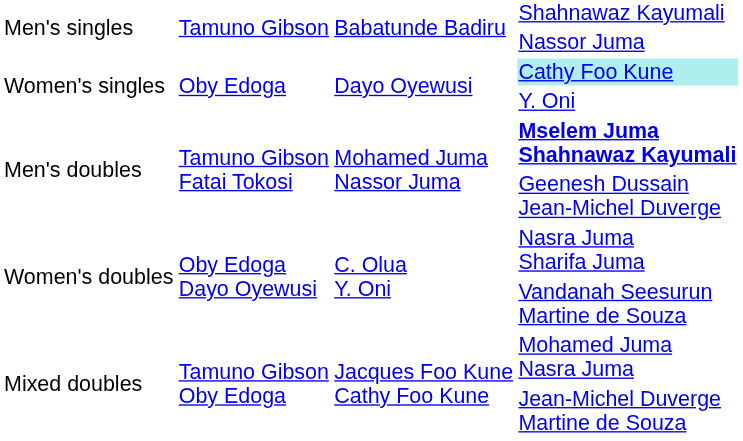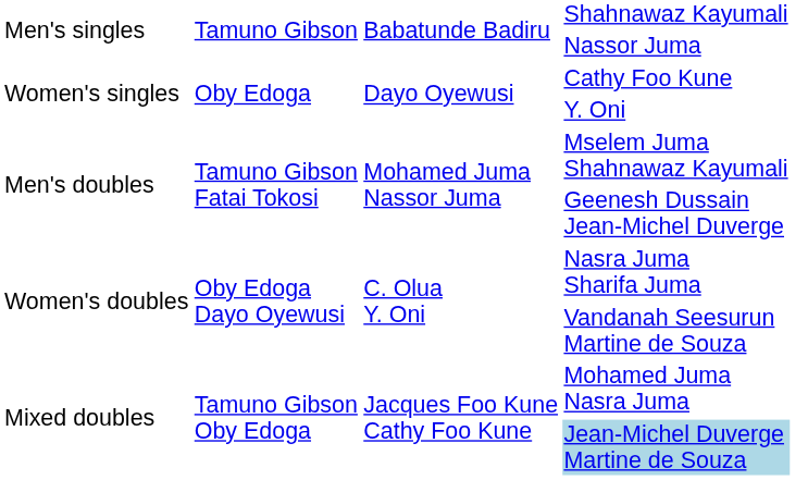 <table>
 <tr>
 <td rowspan=2>Men's singles</td>
 <td rowspan=2> <a href='#'>Tamuno Gibson</a></td>
 <td rowspan=2> <a href='#'>Babatunde Badiru</a></td>
 <td> <a href='#'>Shahnawaz Kayumali</a></td>
 </tr>
 <tr>
 <td> <a href='#'>Nassor Juma</a></td>
 </tr>
 <tr>
 <td rowspan=2>Women's singles</td>
 <td rowspan=2> <a href='#'>Oby Edoga</a></td>
 <td rowspan=2> <a href='#'>Dayo Oyewusi</a></td>
-<td style="background: paleturquoise;"> <a href='#'>Cathy Foo Kune</a></td>
+<td> <a href='#'>Cathy Foo Kune</a></td>
 </tr>
 <tr>
 <td> <a href='#'>Y. Oni</a></td>
 </tr>
 <tr>
 <td rowspan=2>Men's doubles</td>
 <td rowspan=2> <a href='#'>Tamuno Gibson</a><br> <a href='#'>Fatai Tokosi</a></td>
 <td rowspan=2> <a href='#'>Mohamed Juma</a><br> <a href='#'>Nassor Juma</a></td>
-<td><strong> <a href='#'>Mselem Juma</a><br> <a href='#'>Shahnawaz Kayumali</a></strong></td>
+<td> <a href='#'>Mselem Juma</a><br> <a href='#'>Shahnawaz Kayumali</a></td>
 </tr>
 <tr>
 <td> <a href='#'>Geenesh Dussain</a><br> <a href='#'>Jean-Michel Duverge</a></td>
 </tr>
 <tr>
 <td rowspan=2>Women's doubles</td>
 <td rowspan=2> <a href='#'>Oby Edoga</a><br> <a href='#'>Dayo Oyewusi</a></td>
 <td rowspan=2> <a href='#'>C. Olua</a><br> <a href='#'>Y. Oni</a></td>
 <td> <a href='#'>Nasra Juma</a><br> <a href='#'>Sharifa Juma</a></td>
 </tr>
 <tr>
 <td> <a href='#'>Vandanah Seesurun</a><br> <a href='#'>Martine de Souza</a></td>
 </tr>
 <tr>
 <td rowspan=2>Mixed doubles</td>
 <td rowspan=2> <a href='#'>Tamuno Gibson</a><br> <a href='#'>Oby Edoga</a></td>
 <td rowspan=2> <a href='#'>Jacques Foo Kune</a><br> <a href='#'>Cathy Foo Kune</a></td>
 <td> <a href='#'>Mohamed Juma</a><br> <a href='#'>Nasra Juma</a></td>
 </tr>
 <tr>
-<td> <a href='#'>Jean-Michel Duverge</a><br> <a href='#'>Martine de Souza</a></td>
+<td style="background: lightblue;"> <a href='#'>Jean-Michel Duverge</a><br> <a href='#'>Martine de Souza</a></td>
 </tr>
 </table>
